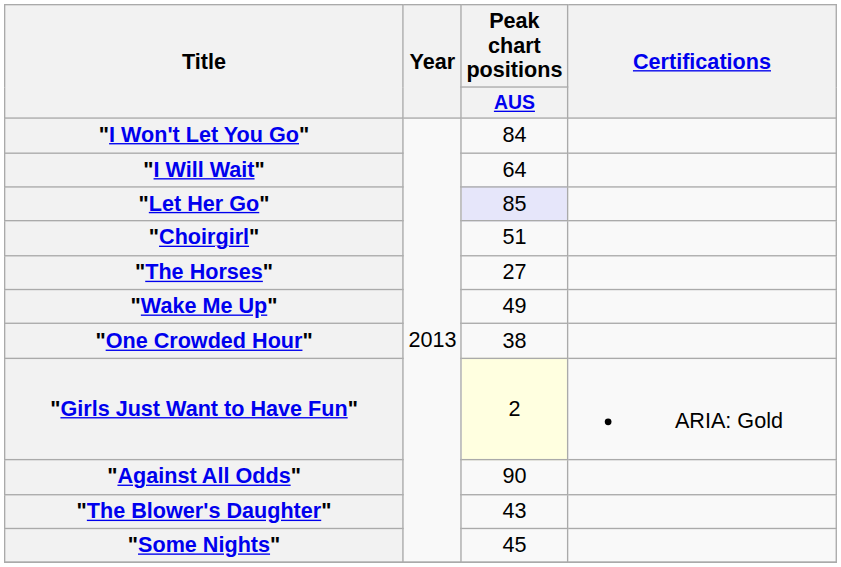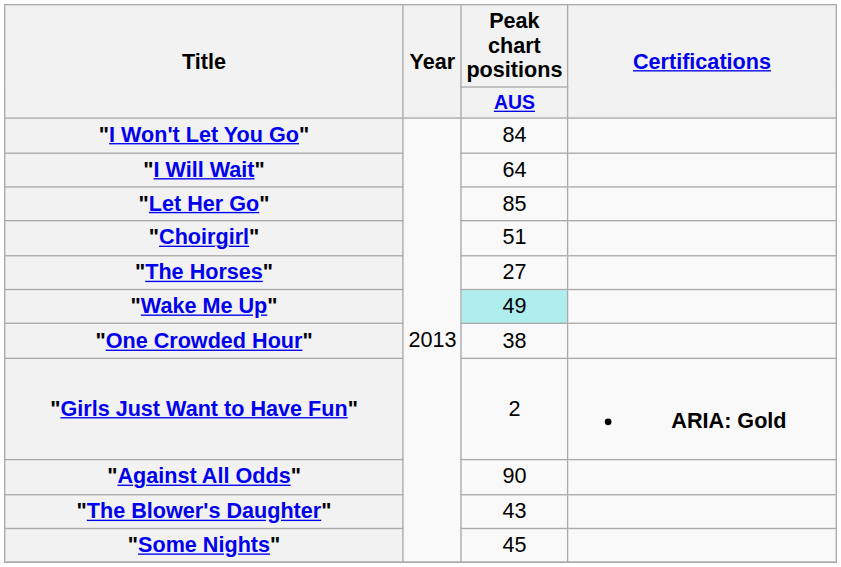 <table class="wikitable plainrowheaders" style="text-align:center;">
 <tr>
 <th scope="col" rowspan="2" style="width:18em;">Title</th>
 <th scope="col" rowspan="2" style="width:1em;">Year</th>
 <th scope="col" colspan="1">Peak chart positions</th>
 <th scope="col" rowspan="2" style="width:12em;"><a href='#'>Certifications</a><br></th>
 </tr>
 <tr>
 <th scope="col" style="width:3em;font-size:90%;"><a href='#'>AUS</a><br></th>
 </tr>
 <tr>
 <th scope="row">"<a href='#'>I Won't Let You Go</a>"</th>
 <td rowspan="11">2013</td>
 <td>84</td>
 <td><br></td>
 </tr>
 <tr>
 <th scope="row">"<a href='#'>I Will Wait</a>"</th>
 <td>64</td>
 <td></td>
 </tr>
 <tr>
 <th scope="row">"<a href='#'>Let Her Go</a>"</th>
-<td style="background: lavender;">85</td>
+<td>85</td>
 <td></td>
 </tr>
 <tr>
 <th scope="row">"<a href='#'>Choirgirl</a>"</th>
 <td>51</td>
 <td></td>
 </tr>
 <tr>
 <th scope="row">"<a href='#'>The Horses</a>"</th>
 <td>27</td>
 <td></td>
 </tr>
 <tr>
 <th scope="row">"<a href='#'>Wake Me Up</a>"</th>
-<td>49</td>
+<td style="background: paleturquoise;">49</td>
 <td></td>
 </tr>
 <tr>
 <th scope="row">"<a href='#'>One Crowded Hour</a>"</th>
 <td>38</td>
 <td></td>
 </tr>
 <tr>
 <th scope="row">"<a href='#'>Girls Just Want to Have Fun</a>"</th>
-<td style="background: lightyellow;">2</td>
-<td><br><ul><li>ARIA: Gold</li></ul></td>
+<td>2</td>
+<td><strong><br><ul><li>ARIA: Gold</li></ul></strong></td>
 </tr>
 <tr>
 <th scope="row">"<a href='#'>Against All Odds</a>"</th>
 <td>90</td>
 <td></td>
 </tr>
 <tr>
 <th scope="row">"<a href='#'>The Blower's Daughter</a>"</th>
 <td>43</td>
 <td></td>
 </tr>
 <tr>
 <th scope="row">"<a href='#'>Some Nights</a>"</th>
 <td>45</td>
 <td></td>
 </tr>
 <tr>
 </tr>
 </table>
